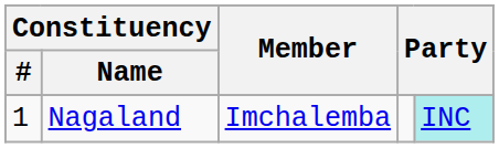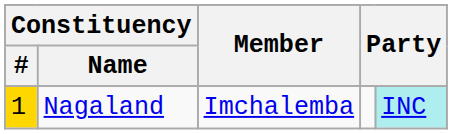 <table class="wikitable">
 <tr>
 <th colspan="2">Constituency</th>
 <th rowspan="2">Member</th>
 <th colspan="2" rowspan="2">Party</th>
 </tr>
 <tr>
 <th>#</th>
 <th>Name</th>
 </tr>
 <tr>
-<td>1</td>
+<td style="background: gold;">1</td>
 <td><a href='#'>Nagaland</a></td>
 <td><a href='#'>Imchalemba</a></td>
 <td style="background-color: "></td>
 <td style="background: paleturquoise;"><a href='#'>INC</a></td>
 </tr>
 </table>
